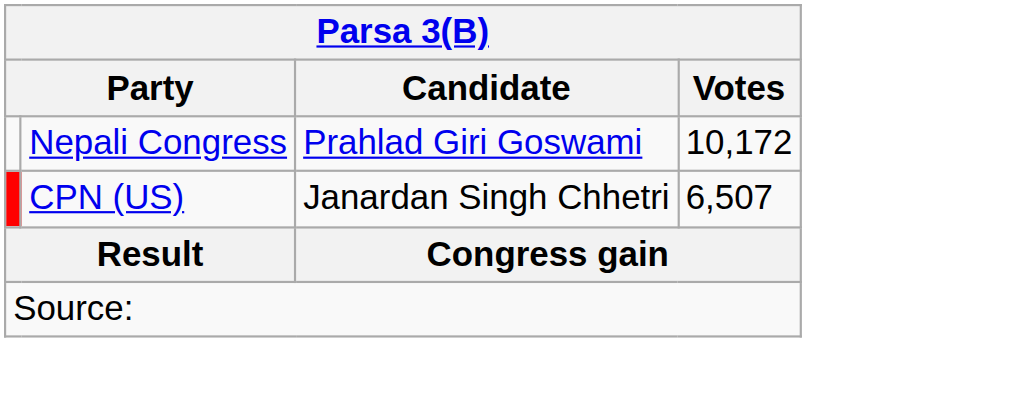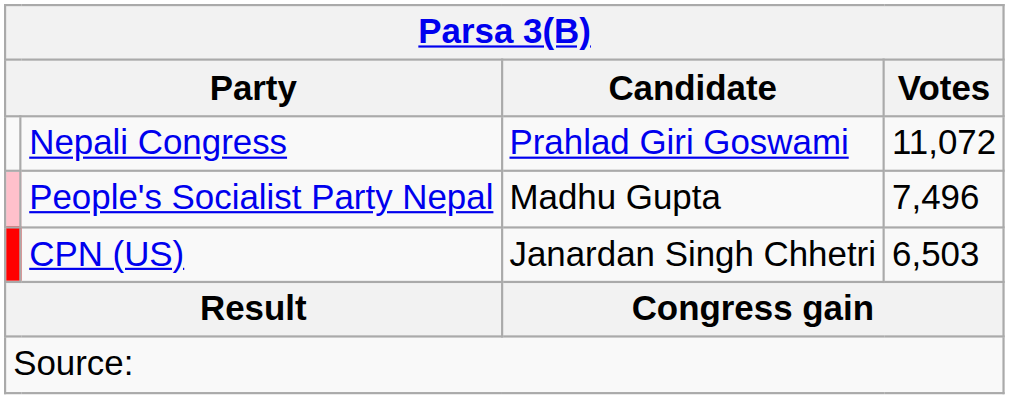 <table class="wikitable">
 <tr>
 <th colspan="4"><a href='#'>Parsa 3(B)</a></th>
 </tr>
 <tr>
 <th colspan="2">Party</th>
 <th>Candidate</th>
 <th>Votes</th>
 </tr>
 <tr>
 <td style="background-color:"></td>
 <td><a href='#'>Nepali Congress</a></td>
 <td><a href='#'>Prahlad Giri Goswami</a></td>
-<td>10,172</td>
+<td>11,072</td>
+</tr>
+<tr>
+<td style="background-color:#FFC0CB"></td>
+<td><a href='#'>People's Socialist Party Nepal</a></td>
+<td>Madhu Gupta</td>
+<td>7,496</td>
 </tr>
 <tr>
 <td style="background-color:#FF0000"></td>
 <td><a href='#'>CPN (US)</a></td>
 <td>Janardan Singh Chhetri</td>
-<td>6,507</td>
+<td>6,503</td>
 </tr>
 <tr>
 <th colspan="2">Result</th>
 <th colspan="2">Congress gain</th>
 </tr>
 <tr>
 <td colspan="4">Source: </td>
 </tr>
 </table>
